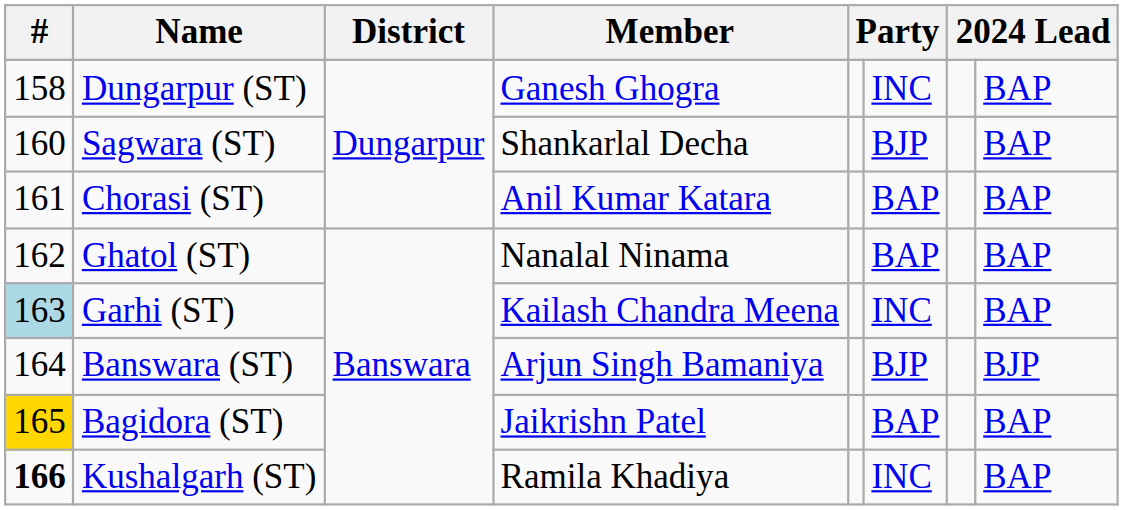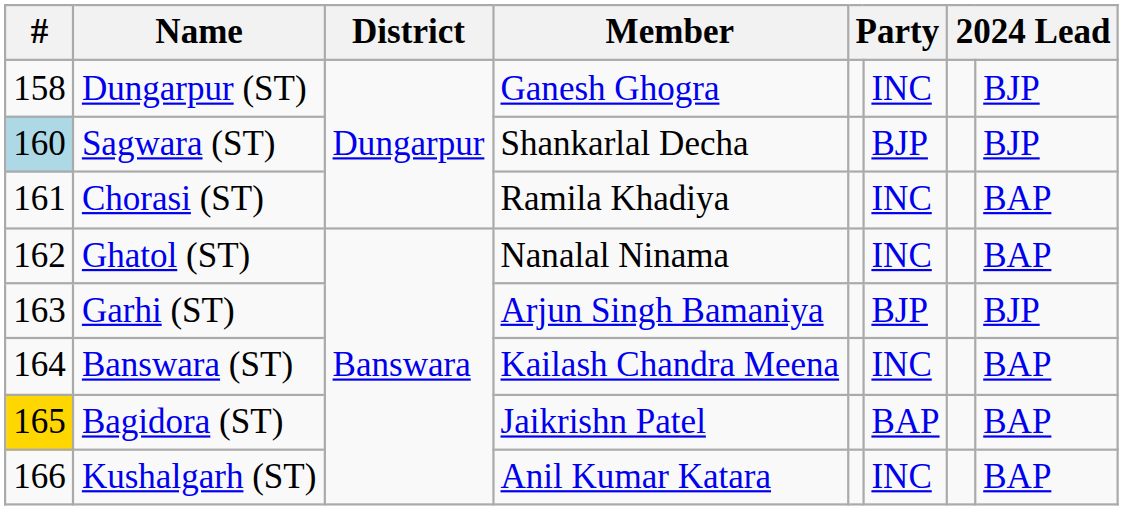 <table class="wikitable">
 <tr>
 <th>#</th>
 <th>Name</th>
 <th>District</th>
 <th>Member</th>
 <th colspan="2">Party</th>
 <th colspan="2">2024 Lead</th>
 </tr>
 <tr>
 <td>158</td>
 <td><a href='#'>Dungarpur</a> (ST)</td>
 <td rowspan="3"><a href='#'>Dungarpur</a></td>
 <td><a href='#'>Ganesh Ghogra</a></td>
 <td style="background-color: "></td>
 <td><a href='#'>INC</a></td>
 <td style="background-color: "></td>
-<td><a href='#'>BAP</a></td>
+<td><a href='#'>BJP</a></td>
 </tr>
 <tr>
-<td>160</td>
+<td style="background: lightblue;">160</td>
 <td><a href='#'>Sagwara</a> (ST)</td>
 <td>Shankarlal Decha</td>
 <td style="background-color: "></td>
 <td><a href='#'>BJP</a></td>
 <td style="background-color: "></td>
-<td><a href='#'>BAP</a></td>
+<td><a href='#'>BJP</a></td>
 </tr>
 <tr>
 <td>161</td>
 <td><a href='#'>Chorasi</a> (ST)</td>
-<td><a href='#'>Anil Kumar Katara</a></td>
+<td>Ramila Khadiya</td>
 <td style="background-color: "></td>
-<td><a href='#'>BAP</a></td>
+<td><a href='#'>INC</a></td>
 <td style="background-color: "></td>
 <td><a href='#'>BAP</a></td>
 </tr>
 <tr>
 <td>162</td>
 <td><a href='#'>Ghatol</a> (ST)</td>
 <td rowspan="5"><a href='#'>Banswara</a></td>
 <td>Nanalal Ninama</td>
 <td style="background-color: "></td>
-<td><a href='#'>BAP</a></td>
+<td><a href='#'>INC</a></td>
 <td style="background-color: "></td>
 <td><a href='#'>BAP</a></td>
 </tr>
 <tr>
-<td style="background: lightblue;">163</td>
+<td>163</td>
 <td><a href='#'>Garhi</a> (ST)</td>
+<td><a href='#'>Arjun Singh Bamaniya</a></td>
+<td style="background-color: "></td>
+<td><a href='#'>BJP</a></td>
+<td style="background-color: "></td>
+<td><a href='#'>BJP</a></td>
+</tr>
+<tr>
+<td>164</td>
+<td><a href='#'>Banswara</a> (ST)</td>
 <td><a href='#'>Kailash Chandra Meena</a></td>
 <td style="background-color: "></td>
 <td><a href='#'>INC</a></td>
 <td style="background-color: "></td>
 <td><a href='#'>BAP</a></td>
-</tr>
-<tr>
-<td>164</td>
-<td><a href='#'>Banswara</a> (ST)</td>
-<td><a href='#'>Arjun Singh Bamaniya</a></td>
-<td style="background-color: "></td>
-<td><a href='#'>BJP</a></td>
-<td style="background-color: "></td>
-<td><a href='#'>BJP</a></td>
 </tr>
 <tr>
 <td style="background: gold;">165</td>
 <td><a href='#'>Bagidora</a> (ST)</td>
 <td><a href='#'>Jaikrishn Patel</a></td>
 <td style="background-color: "></td>
 <td><a href='#'>BAP</a></td>
 <td style="background-color: "></td>
 <td><a href='#'>BAP</a></td>
 </tr>
 <tr>
-<td><strong>166</strong></td>
+<td>166</td>
 <td><a href='#'>Kushalgarh</a> (ST)</td>
-<td>Ramila Khadiya</td>
+<td><a href='#'>Anil Kumar Katara</a></td>
 <td style="background-color: "></td>
 <td><a href='#'>INC</a></td>
 <td style="background-color: "></td>
 <td><a href='#'>BAP</a></td>
 </tr>
 </table>
